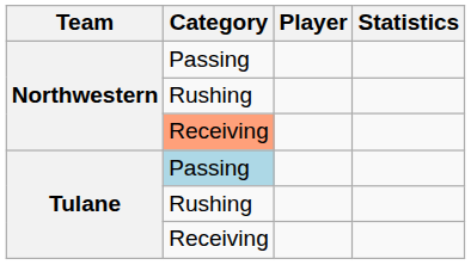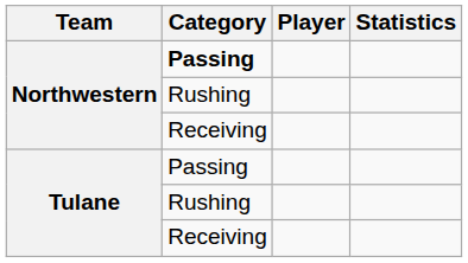 <table class="wikitable" style="float:right">
 <tr>
 <th>Team</th>
 <th>Category</th>
 <th>Player</th>
 <th>Statistics</th>
 </tr>
 <tr>
 <th rowspan=3>Northwestern</th>
-<td>Passing</td>
+<td><strong>Passing</strong></td>
 <td></td>
 <td></td>
 </tr>
 <tr>
 <td>Rushing</td>
 <td></td>
 <td></td>
 </tr>
 <tr>
-<td style="background: lightsalmon;">Receiving</td>
+<td>Receiving</td>
 <td></td>
 <td></td>
 </tr>
 <tr>
 <th rowspan=3>Tulane</th>
-<td style="background: lightblue;">Passing</td>
+<td>Passing</td>
 <td></td>
 <td></td>
 </tr>
 <tr>
 <td>Rushing</td>
 <td></td>
 <td></td>
 </tr>
 <tr>
 <td>Receiving</td>
 <td></td>
 <td></td>
 </tr>
 </table>
